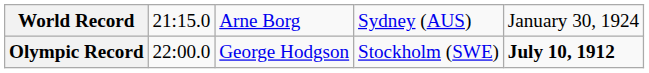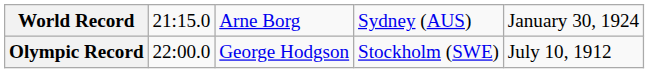 <table class="wikitable" style="font-size:95%;">
 <tr>
 <th>World Record</th>
 <td>21:15.0</td>
 <td> <a href='#'>Arne Borg</a></td>
 <td><a href='#'>Sydney</a> (<a href='#'>AUS</a>)</td>
 <td>January 30, 1924</td>
 </tr>
 <tr>
 <th>Olympic Record</th>
 <td>22:00.0</td>
 <td> <a href='#'>George Hodgson</a></td>
 <td><a href='#'>Stockholm</a> (<a href='#'>SWE</a>)</td>
-<td><strong>July 10, 1912</strong></td>
+<td>July 10, 1912</td>
 </tr>
 </table>
